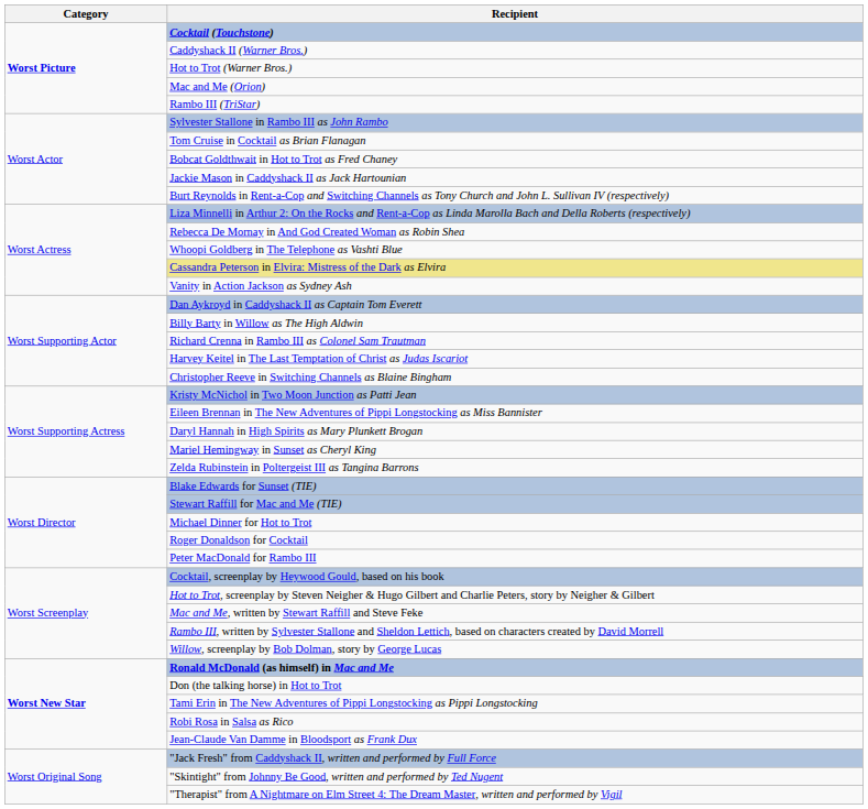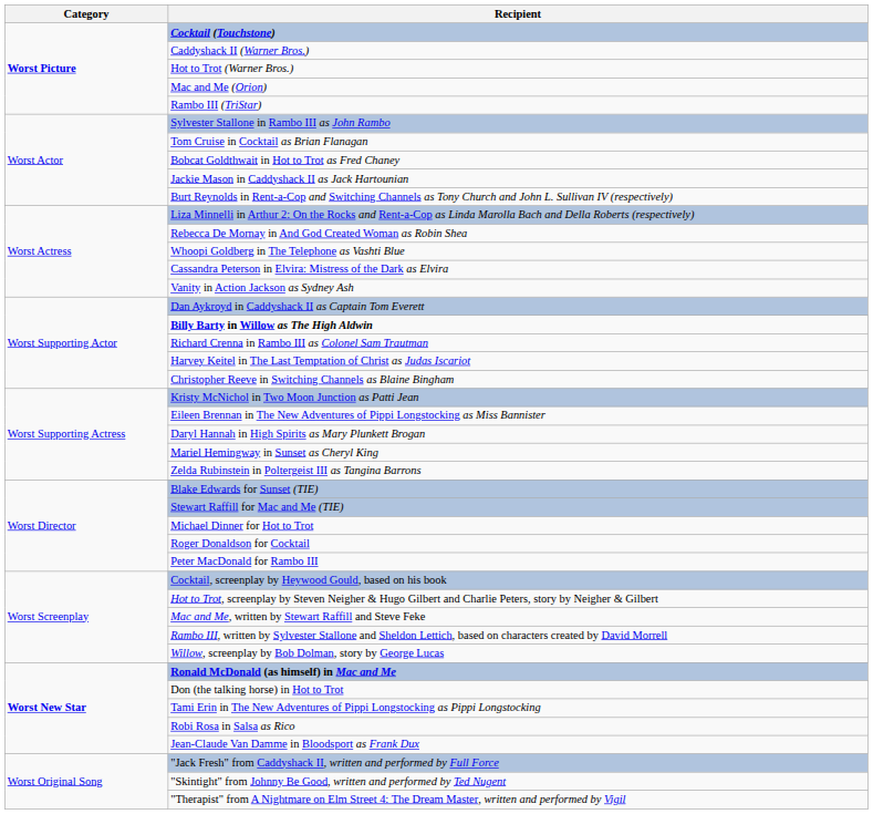 <table class="wikitable" width="95%" align="centre">
 <tr>
 <th>Category</th>
 <th>Recipient</th>
 </tr>
 <tr>
 <td rowspan=5><strong><a href='#'>Worst Picture</a></strong></td>
 <td style="background:#B0C4DE;"><strong><em><a href='#'>Cocktail</a><em> (<a href='#'>Touchstone</a>)<strong></td>
 </tr>
 <tr>
 <td></em><a href='#'>Caddyshack II</a><em> (<a href='#'>Warner Bros.</a>)</td>
 </tr>
 <tr>
 <td></em><a href='#'>Hot to Trot</a><em> (Warner Bros.)</td>
 </tr>
 <tr>
 <td></em><a href='#'>Mac and Me</a><em> (<a href='#'>Orion</a>)</td>
 </tr>
 <tr>
 <td></em><a href='#'>Rambo III</a><em> (<a href='#'>TriStar</a>)</td>
 </tr>
 <tr>
 <td rowspan=5></strong><a href='#'>Worst Actor</a><strong></td>
 <td style="background:#B0C4DE;"></strong><a href='#'>Sylvester Stallone</a> in </em><a href='#'>Rambo III</a><em> as <a href='#'>John Rambo</a><strong></td>
 </tr>
 <tr>
 <td><a href='#'>Tom Cruise</a> in </em><a href='#'>Cocktail</a><em> as Brian Flanagan</td>
 </tr>
 <tr>
 <td><a href='#'>Bobcat Goldthwait</a> in </em><a href='#'>Hot to Trot</a><em> as Fred Chaney</td>
 </tr>
 <tr>
 <td><a href='#'>Jackie Mason</a> in </em><a href='#'>Caddyshack II</a><em> as Jack Hartounian</td>
 </tr>
 <tr>
 <td><a href='#'>Burt Reynolds</a> in </em><a href='#'>Rent-a-Cop</a><em> and </em><a href='#'>Switching Channels</a><em> as Tony Church and John L. Sullivan IV (respectively)</td>
 </tr>
 <tr>
 <td rowspan=5></strong><a href='#'>Worst Actress</a><strong></td>
 <td style="background:#B0C4DE;"></strong><a href='#'>Liza Minnelli</a> in </em><a href='#'>Arthur 2: On the Rocks</a><em> and </em><a href='#'>Rent-a-Cop</a><em> as Linda Marolla Bach and Della Roberts (respectively)<strong></td>
 </tr>
 <tr>
 <td><a href='#'>Rebecca De Mornay</a> in </em><a href='#'>And God Created Woman</a><em> as Robin Shea</td>
 </tr>
 <tr>
 <td><a href='#'>Whoopi Goldberg</a> in </em><a href='#'>The Telephone</a><em> as Vashti Blue</td>
 </tr>
 <tr>
-<td style="background: khaki;"><a href='#'>Cassandra Peterson</a> in </em><a href='#'>Elvira: Mistress of the Dark</a><em> as Elvira</td>
+<td><a href='#'>Cassandra Peterson</a> in </em><a href='#'>Elvira: Mistress of the Dark</a><em> as Elvira</td>
 </tr>
 <tr>
 <td><a href='#'>Vanity</a> in </em><a href='#'>Action Jackson</a><em> as Sydney Ash</td>
 </tr>
 <tr>
 <td rowspan=5></strong><a href='#'>Worst Supporting Actor</a><strong></td>
 <td style="background:#B0C4DE;"></strong><a href='#'>Dan Aykroyd</a> in </em><a href='#'>Caddyshack II</a><em> as Captain Tom Everett<strong></td>
 </tr>
 <tr>
-<td><a href='#'>Billy Barty</a> in </em><a href='#'>Willow</a><em> as The High Aldwin</td>
+<td><strong><a href='#'>Billy Barty</a> in </em><a href='#'>Willow</a><em> as The High Aldwin</strong></td>
 </tr>
 <tr>
 <td><a href='#'>Richard Crenna</a> in </em><a href='#'>Rambo III</a><em> as <a href='#'>Colonel Sam Trautman</a></td>
 </tr>
 <tr>
 <td><a href='#'>Harvey Keitel</a> in </em><a href='#'>The Last Temptation of Christ</a><em> as <a href='#'>Judas Iscariot</a></td>
 </tr>
 <tr>
 <td><a href='#'>Christopher Reeve</a> in </em><a href='#'>Switching Channels</a><em> as Blaine Bingham</td>
 </tr>
 <tr>
 <td rowspan=5></strong><a href='#'>Worst Supporting Actress</a><strong></td>
 <td style="background:#B0C4DE;"></strong><a href='#'>Kristy McNichol</a> in </em><a href='#'>Two Moon Junction</a><em> as Patti Jean<strong></td>
 </tr>
 <tr>
 <td><a href='#'>Eileen Brennan</a> in </em><a href='#'>The New Adventures of Pippi Longstocking</a><em> as Miss Bannister</td>
 </tr>
 <tr>
 <td><a href='#'>Daryl Hannah</a> in </em><a href='#'>High Spirits</a><em> as Mary Plunkett Brogan</td>
 </tr>
 <tr>
 <td><a href='#'>Mariel Hemingway</a> in </em><a href='#'>Sunset</a><em> as Cheryl King</td>
 </tr>
 <tr>
 <td><a href='#'>Zelda Rubinstein</a> in </em><a href='#'>Poltergeist III</a><em> as Tangina Barrons</td>
 </tr>
 <tr>
 <td rowspan=5></strong><a href='#'>Worst Director</a><strong></td>
 <td style="background:#B0C4DE;"></strong><a href='#'>Blake Edwards</a> for </em><a href='#'>Sunset</a><em> (TIE)<strong></td>
 </tr>
 <tr>
 <td style="background:#B0C4DE;"></strong><a href='#'>Stewart Raffill</a> for </em><a href='#'>Mac and Me</a><em> (TIE)<strong></td>
 </tr>
 <tr>
 <td><a href='#'>Michael Dinner</a> for </em><a href='#'>Hot to Trot</a><em></td>
 </tr>
 <tr>
 <td><a href='#'>Roger Donaldson</a> for </em><a href='#'>Cocktail</a><em></td>
 </tr>
 <tr>
 <td><a href='#'>Peter MacDonald</a> for </em><a href='#'>Rambo III</a><em></td>
 </tr>
 <tr>
 <td rowspan=5></strong><a href='#'>Worst Screenplay</a><strong></td>
 <td style="background:#B0C4DE;"></em></strong><a href='#'>Cocktail</a></em>, screenplay by <a href='#'>Heywood Gould</a>, based on his book</strong></td>
 </tr>
 <tr>
 <td><em><a href='#'>Hot to Trot</a></em>, screenplay by Steven Neigher & Hugo Gilbert and Charlie Peters, story by Neigher & Gilbert</td>
 </tr>
 <tr>
 <td><em><a href='#'>Mac and Me</a></em>, written by <a href='#'>Stewart Raffill</a> and Steve Feke</td>
 </tr>
 <tr>
 <td><em><a href='#'>Rambo III</a></em>, written by <a href='#'>Sylvester Stallone</a> and <a href='#'>Sheldon Lettich</a>, based on characters created by <a href='#'>David Morrell</a></td>
 </tr>
 <tr>
 <td><em><a href='#'>Willow</a></em>, screenplay by <a href='#'>Bob Dolman</a>, story by <a href='#'>George Lucas</a></td>
 </tr>
 <tr>
 <td rowspan=5><strong><a href='#'>Worst New Star</a></strong></td>
 <td style="background:#B0C4DE;"><strong><a href='#'>Ronald McDonald</a> (as himself) in <em><a href='#'>Mac and Me</a><strong><em> </td>
 </tr>
 <tr>
 <td>Don (the talking horse) in </em><a href='#'>Hot to Trot</a><em></td>
 </tr>
 <tr>
 <td><a href='#'>Tami Erin</a> in </em><a href='#'>The New Adventures of Pippi Longstocking</a><em> as Pippi Longstocking</td>
 </tr>
 <tr>
 <td><a href='#'>Robi Rosa</a> in </em><a href='#'>Salsa</a><em> as Rico</td>
 </tr>
 <tr>
 <td><a href='#'>Jean-Claude Van Damme</a> in </em><a href='#'>Bloodsport</a><em> as <a href='#'>Frank Dux</a></td>
 </tr>
 <tr>
 <td rowspan=3></strong><a href='#'>Worst Original Song</a><strong></td>
 <td style="background:#B0C4DE;"></strong>"Jack Fresh" from </em><a href='#'>Caddyshack II</a><em>, written and performed by <a href='#'>Full Force</a><strong></td>
 </tr>
 <tr>
 <td>"Skintight" from </em><a href='#'>Johnny Be Good</a><em>, written and performed by <a href='#'>Ted Nugent</a></td>
 </tr>
 <tr>
 <td>"Therapist" from </em><a href='#'>A Nightmare on Elm Street 4: The Dream Master</a><em>, written and performed by <a href='#'>Vigil</a></td>
 </tr>
 </table>
